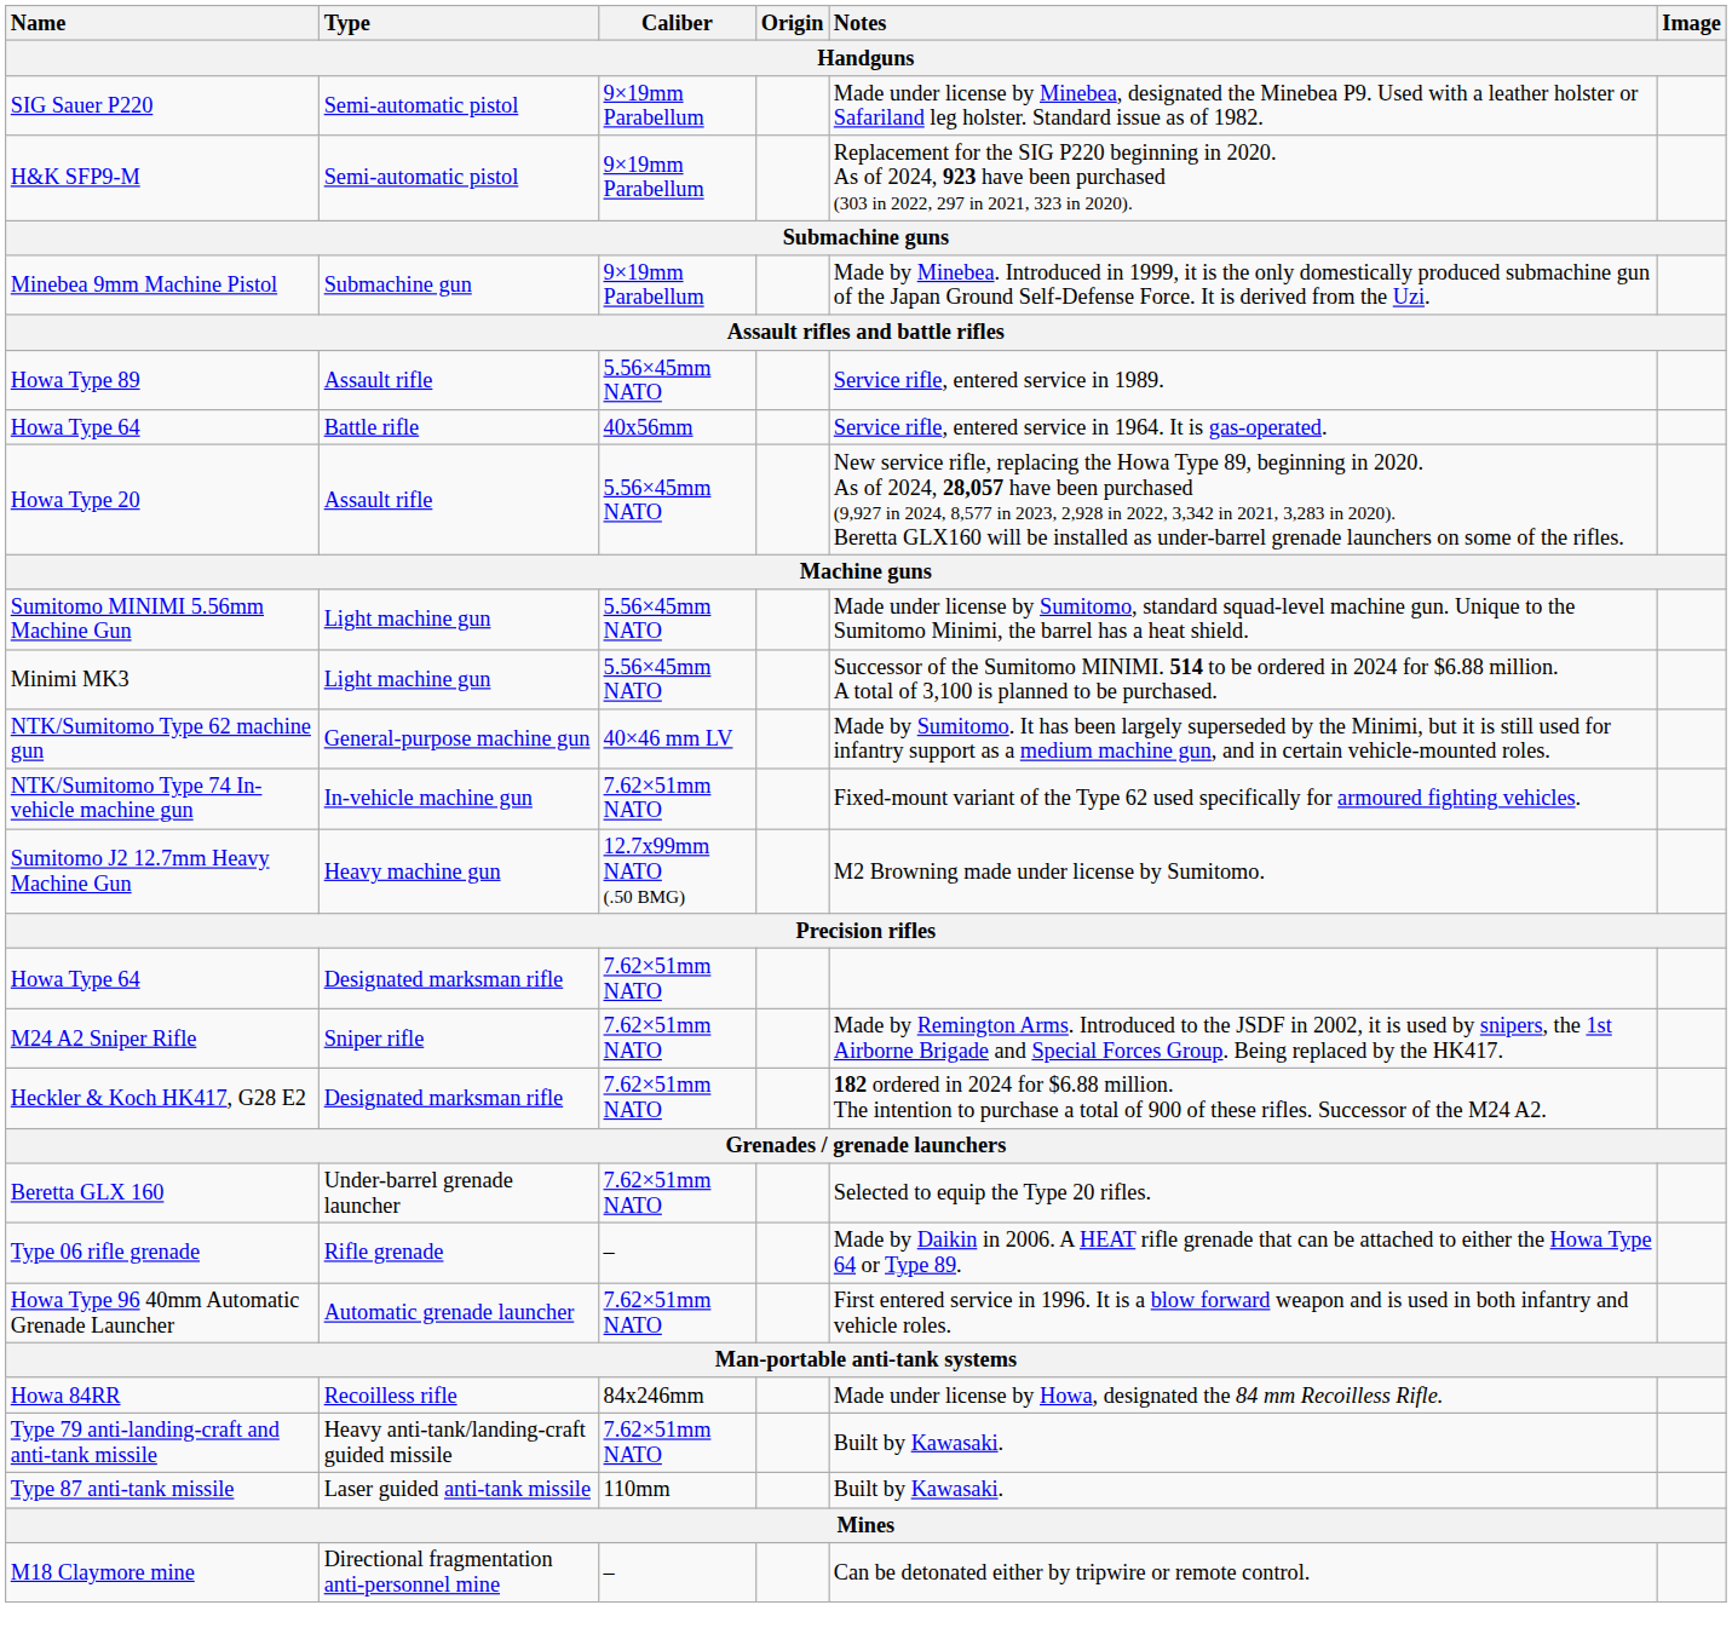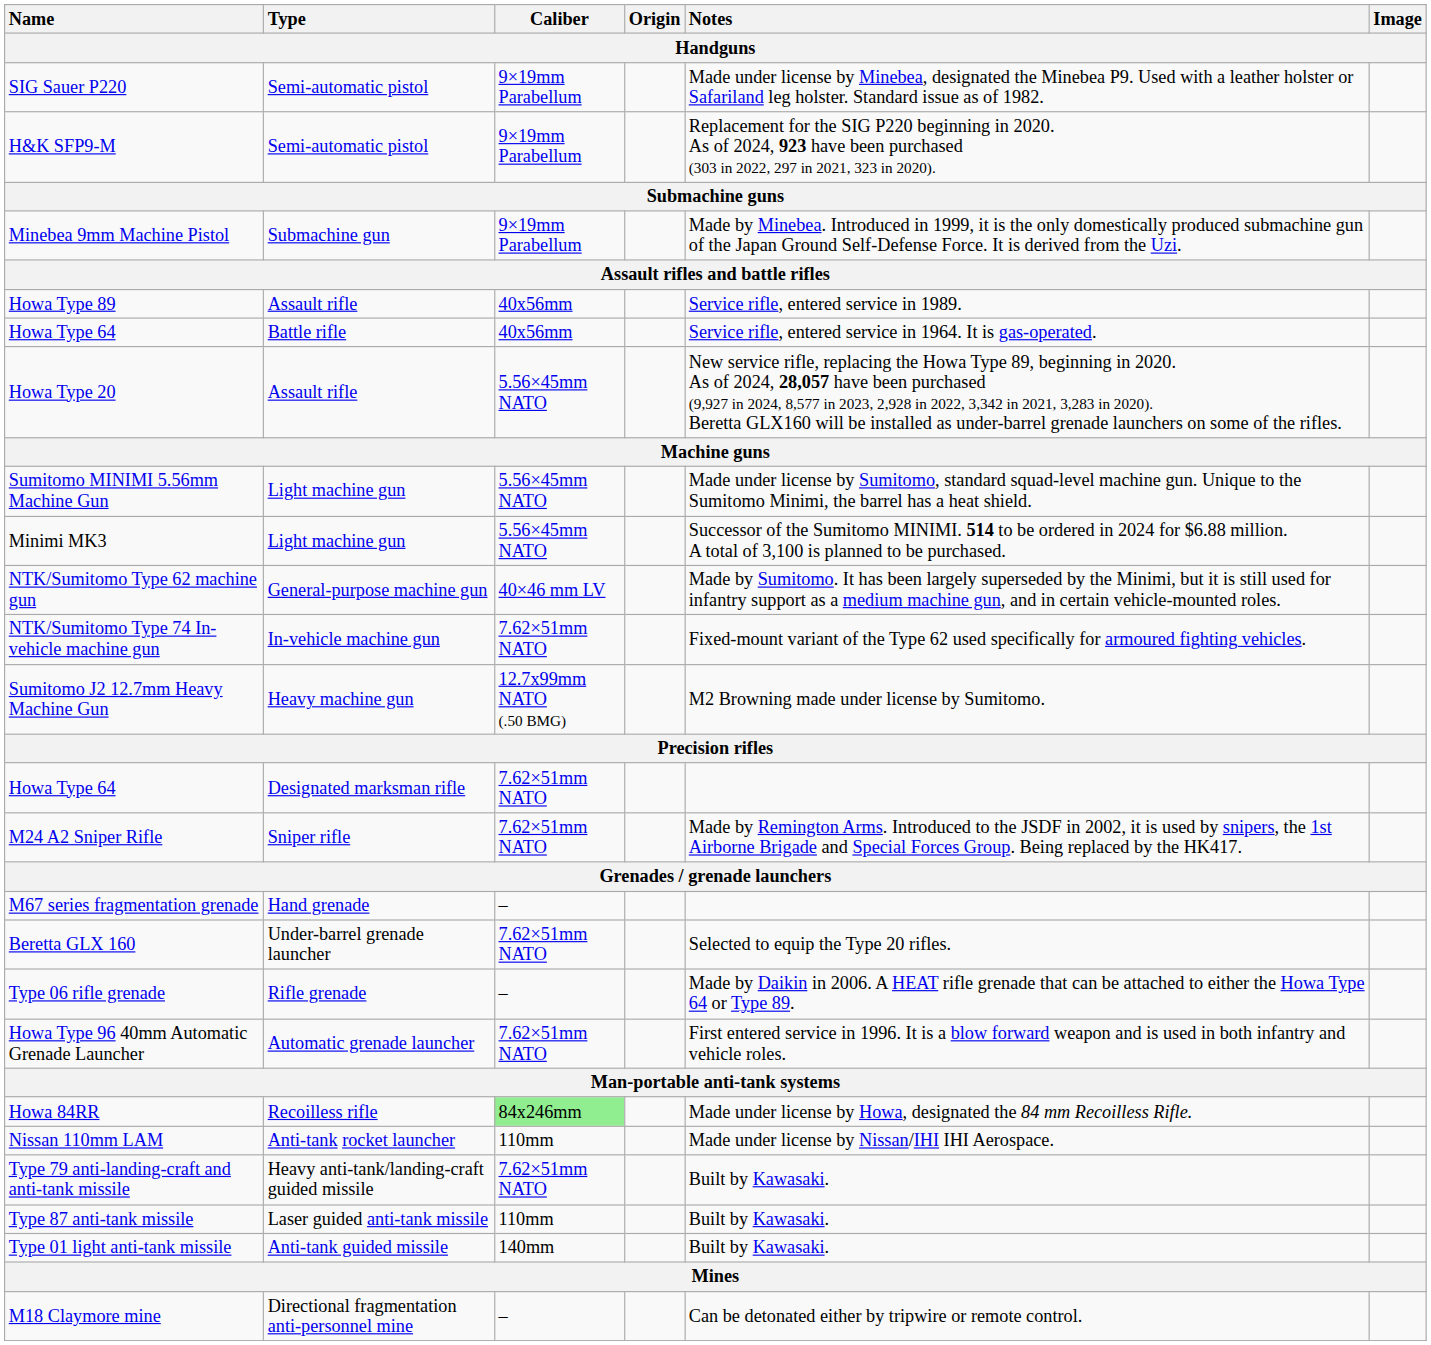 <table class="wikitable">
 <tr>
 <th style="text-align: left;">Name</th>
 <th style="text-align: left;">Type</th>
 <th>Caliber</th>
 <th style="text-align: left;">Origin</th>
 <th style="text-align: left;">Notes</th>
 <th style="text-align: left;">Image</th>
 </tr>
 <tr>
 <th colspan="6" style="align: center;">Handguns</th>
 </tr>
 <tr>
 <td><a href='#'>SIG Sauer P220</a></td>
 <td><a href='#'>Semi-automatic pistol</a></td>
 <td><a href='#'>9×19mm Parabellum</a></td>
 <td><br><br></td>
 <td>Made under license by <a href='#'>Minebea</a>, designated the Minebea P9. Used with a leather holster or <a href='#'>Safariland</a> leg holster. Standard issue as of 1982.</td>
 <td></td>
 </tr>
 <tr>
 <td><a href='#'>H&K SFP9-M</a></td>
 <td><a href='#'>Semi-automatic pistol</a></td>
 <td><a href='#'>9×19mm Parabellum</a></td>
 <td></td>
 <td>Replacement for the SIG P220 beginning in 2020.<br>As of 2024, <strong>923</strong> have been purchased<br><small>(303 in 2022, 297 in 2021, 323 in 2020).</small></td>
 <td></td>
 </tr>
 <tr>
 <th colspan="6">Submachine guns</th>
 </tr>
 <tr>
 <td><a href='#'>Minebea 9mm Machine Pistol</a></td>
 <td><a href='#'>Submachine gun</a></td>
 <td><a href='#'>9×19mm Parabellum</a></td>
 <td></td>
 <td>Made by <a href='#'>Minebea</a>. Introduced in 1999, it is the only domestically produced submachine gun of the Japan Ground Self-Defense Force. It is derived from the <a href='#'>Uzi</a>.</td>
 <td></td>
 </tr>
 <tr>
 <th colspan="6">Assault rifles and battle rifles</th>
 </tr>
 <tr>
 <td><a href='#'>Howa Type 89</a></td>
 <td><a href='#'>Assault rifle</a></td>
-<td><a href='#'>5.56×45mm NATO</a></td>
+<td><a href='#'>40x56mm</a></td>
 <td></td>
 <td><a href='#'>Service rifle</a>, entered service in 1989.</td>
 <td></td>
 </tr>
 <tr>
 <td><a href='#'>Howa Type 64</a></td>
 <td><a href='#'>Battle rifle</a></td>
 <td><a href='#'>40x56mm</a></td>
 <td></td>
 <td><a href='#'>Service rifle</a>, entered service in 1964. It is <a href='#'>gas-operated</a>.</td>
 <td></td>
 </tr>
 <tr>
 <td><a href='#'>Howa Type 20</a></td>
 <td><a href='#'>Assault rifle</a></td>
 <td><a href='#'>5.56×45mm NATO</a></td>
 <td></td>
 <td>New service rifle, replacing the Howa Type 89, beginning in 2020.<br>As of 2024, <strong>28,057</strong> have been purchased<br><small>(9,927 in 2024, 8,577 in 2023, 2,928 in 2022, 3,342 in 2021, 3,283 in 2020).</small><br>Beretta GLX160 will be installed as under-barrel grenade launchers on some of the rifles.</td>
 <td><br></td>
 </tr>
 <tr>
 <th colspan="6">Machine guns</th>
 </tr>
 <tr>
 <td><a href='#'>Sumitomo MINIMI 5.56mm Machine Gun</a></td>
 <td><a href='#'>Light machine gun</a></td>
 <td><a href='#'>5.56×45mm NATO</a></td>
 <td></td>
 <td>Made under license by <a href='#'>Sumitomo</a>, standard squad-level machine gun. Unique to the Sumitomo Minimi, the barrel has a heat shield.</td>
 <td></td>
 </tr>
 <tr>
 <td>Minimi MK3</td>
 <td><a href='#'>Light machine gun</a></td>
 <td><a href='#'>5.56×45mm NATO</a></td>
 <td></td>
 <td>Successor of the Sumitomo MINIMI. <strong>514</strong> to be ordered in 2024 for $6.88 million.<br>A total of 3,100 is planned to be purchased.</td>
 <td></td>
 </tr>
 <tr>
 <td><a href='#'>NTK/Sumitomo Type 62 machine gun</a></td>
 <td><a href='#'>General-purpose machine gun</a></td>
 <td><a href='#'>40×46 mm LV</a></td>
 <td></td>
 <td>Made by <a href='#'>Sumitomo</a>. It has been largely superseded by the Minimi, but it is still used for infantry support as a <a href='#'>medium machine gun</a>, and in certain vehicle-mounted roles.</td>
 <td></td>
 </tr>
 <tr>
 <td><a href='#'>NTK/Sumitomo Type 74 In-vehicle machine gun</a></td>
 <td><a href='#'>In-vehicle machine gun</a></td>
 <td><a href='#'>7.62×51mm NATO</a></td>
 <td></td>
 <td>Fixed-mount variant of the Type 62 used specifically for <a href='#'>armoured fighting vehicles</a>.</td>
 <td></td>
 </tr>
 <tr>
 <td><a href='#'>Sumitomo J2 12.7mm Heavy Machine Gun</a></td>
 <td><a href='#'>Heavy machine gun</a></td>
 <td><a href='#'>12.7x99mm NATO</a><br><small>(.50 BMG)</small></td>
 <td><br></td>
 <td>M2 Browning made under license by Sumitomo.</td>
 <td></td>
 </tr>
 <tr>
 <th colspan="6">Precision rifles</th>
 </tr>
 <tr>
 <td><a href='#'>Howa Type 64</a></td>
 <td><a href='#'>Designated marksman rifle</a></td>
 <td><a href='#'>7.62×51mm NATO</a></td>
 <td></td>
 <td></td>
 <td></td>
 </tr>
 <tr>
 <td><a href='#'>M24 A2 Sniper Rifle</a></td>
 <td><a href='#'>Sniper rifle</a></td>
 <td><a href='#'>7.62×51mm NATO</a></td>
 <td></td>
 <td>Made by <a href='#'>Remington Arms</a>. Introduced to the JSDF in 2002, it is used by <a href='#'>snipers</a>, the <a href='#'>1st Airborne Brigade</a> and <a href='#'>Special Forces Group</a>. Being replaced by the HK417.</td>
 <td></td>
 </tr>
 <tr>
-<td><a href='#'>Heckler & Koch HK417</a>, G28 E2</td>
-<td><a href='#'>Designated marksman rifle</a></td>
-<td><a href='#'>7.62×51mm NATO</a></td>
-<td></td>
-<td><strong>182</strong> ordered in 2024 for $6.88 million.<br>The intention to purchase a total of 900 of these rifles. Successor of the M24 A2.</td>
-<td></td>
+<th colspan="6">Grenades / grenade launchers</th>
 </tr>
 <tr>
-<th colspan="6">Grenades / grenade launchers</th>
+<td><a href='#'>M67 series fragmentation grenade</a></td>
+<td><a href='#'>Hand grenade</a></td>
+<td>–</td>
+<td></td>
+<td></td>
+<td></td>
 </tr>
 <tr>
 <td><a href='#'>Beretta GLX 160</a></td>
 <td>Under-barrel grenade launcher</td>
 <td><a href='#'>7.62×51mm NATO</a></td>
 <td></td>
 <td>Selected to equip the Type 20 rifles.</td>
 <td></td>
 </tr>
 <tr>
 <td><a href='#'>Type 06 rifle grenade</a></td>
 <td><a href='#'>Rifle grenade</a></td>
 <td>–</td>
 <td></td>
 <td>Made by <a href='#'>Daikin</a> in 2006. A <a href='#'>HEAT</a> rifle grenade that can be attached to either the <a href='#'>Howa Type 64</a> or <a href='#'>Type 89</a>.</td>
 <td></td>
 </tr>
 <tr>
 <td><a href='#'>Howa Type 96</a> 40mm Automatic Grenade Launcher</td>
 <td><a href='#'>Automatic grenade launcher</a></td>
 <td><a href='#'>7.62×51mm NATO</a></td>
 <td></td>
 <td>First entered service in 1996. It is a <a href='#'>blow forward</a> weapon and is used in both infantry and vehicle roles.</td>
 <td></td>
 </tr>
 <tr>
 <th colspan="6">Man-portable anti-tank systems</th>
 </tr>
 <tr>
 <td><a href='#'>Howa 84RR</a></td>
 <td><a href='#'>Recoilless rifle</a></td>
-<td>84x246mm</td>
+<td style="background: lightgreen;">84x246mm</td>
 <td></td>
 <td>Made under license by <a href='#'>Howa</a>, designated the <em>84 mm Recoilless Rifle.</em></td>
+<td></td>
+</tr>
+<tr>
+<td><a href='#'>Nissan 110mm LAM</a></td>
+<td><a href='#'>Anti-tank</a> <a href='#'>rocket launcher</a></td>
+<td>110mm</td>
+<td></td>
+<td>Made under license by <a href='#'>Nissan</a>/<a href='#'>IHI</a> IHI Aerospace.</td>
 <td></td>
 </tr>
 <tr>
 <td><a href='#'>Type 79 anti-landing-craft and anti-tank missile</a></td>
 <td>Heavy anti-tank/landing-craft guided missile</td>
 <td><a href='#'>7.62×51mm NATO</a></td>
 <td></td>
 <td>Built by <a href='#'>Kawasaki</a>.</td>
 <td></td>
 </tr>
 <tr>
 <td><a href='#'>Type 87 anti-tank missile</a></td>
 <td>Laser guided <a href='#'>anti-tank missile</a></td>
 <td>110mm</td>
 <td></td>
 <td>Built by <a href='#'>Kawasaki</a>.</td>
 <td></td>
 </tr>
 <tr>
+<td><a href='#'>Type 01 light anti-tank missile</a></td>
+<td><a href='#'>Anti-tank guided missile</a></td>
+<td>140mm</td>
+<td></td>
+<td>Built by <a href='#'>Kawasaki</a>.</td>
+<td></td>
+</tr>
+<tr>
 <th colspan="6" style="align: center;">Mines</th>
 </tr>
 <tr>
 <td><a href='#'>M18 Claymore mine</a></td>
 <td>Directional fragmentation <a href='#'>anti-personnel mine</a></td>
 <td>–</td>
 <td></td>
 <td>Can be detonated either by tripwire or remote control.</td>
 <td></td>
 </tr>
 </table>
